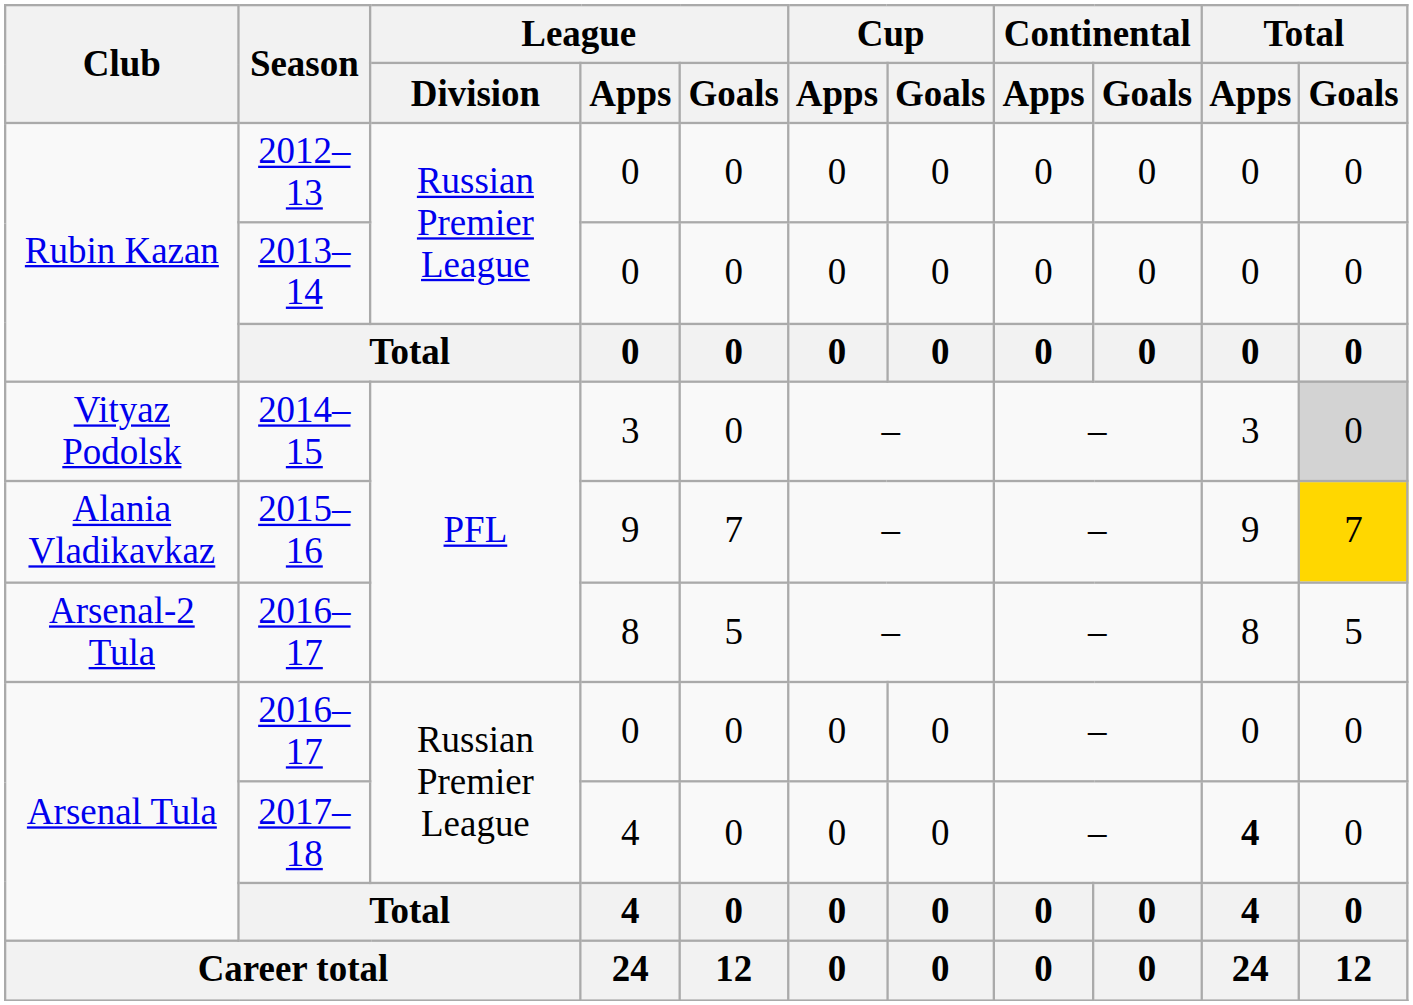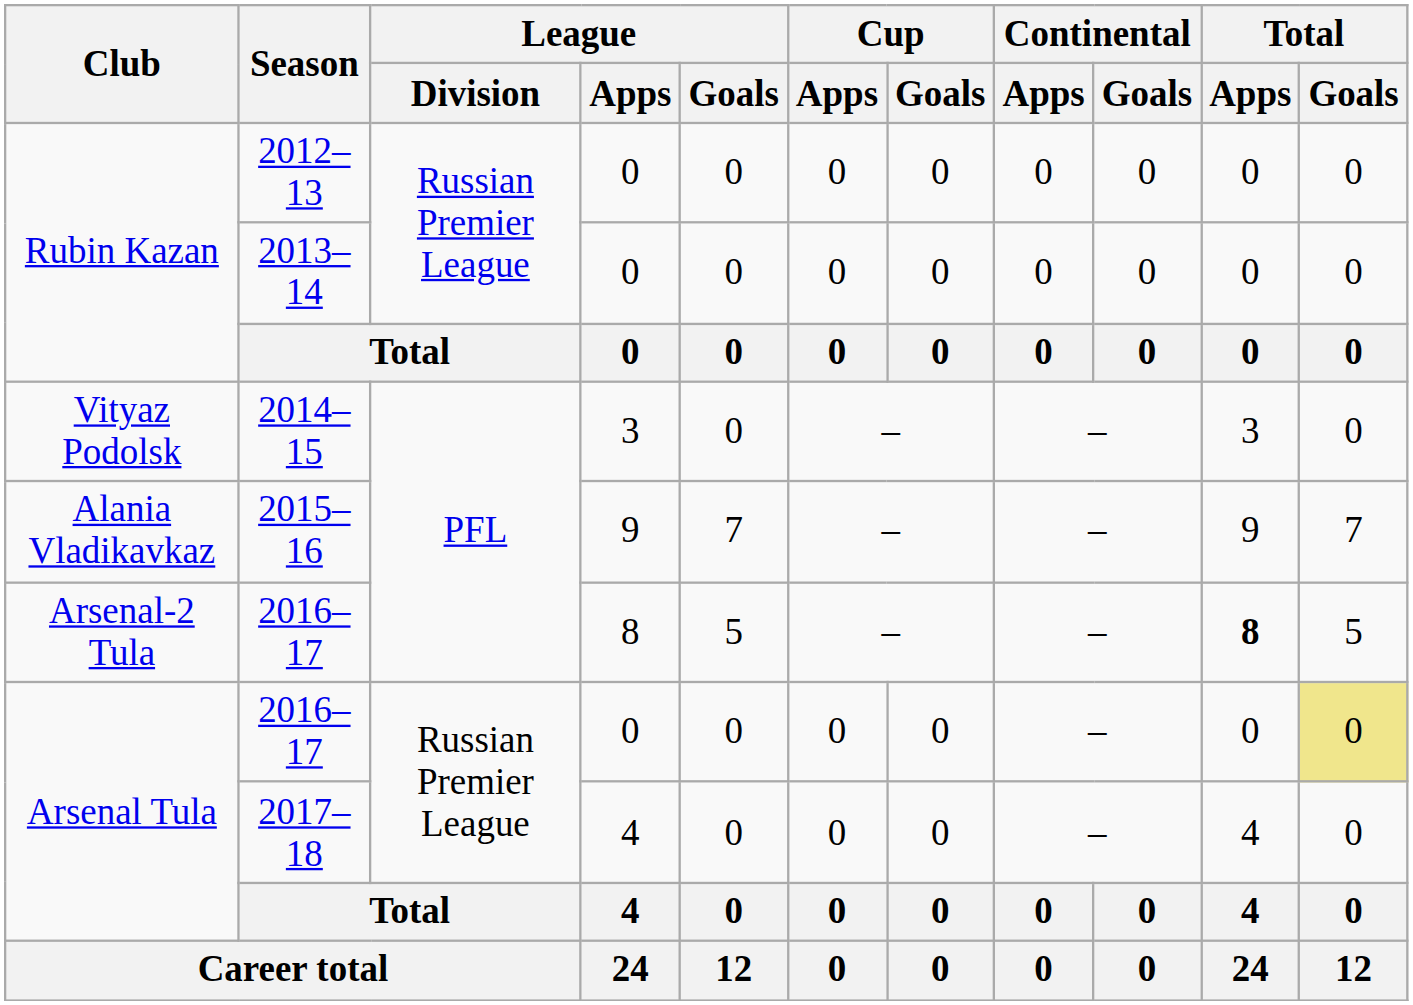 <table class="wikitable" style="text-align: center;">
 <tr>
 <th rowspan=2>Club</th>
 <th rowspan=2>Season</th>
 <th colspan=3>League</th>
 <th colspan=2>Cup</th>
 <th colspan=2>Continental</th>
 <th colspan=2>Total</th>
 </tr>
 <tr>
 <th>Division</th>
 <th>Apps</th>
 <th>Goals</th>
 <th>Apps</th>
 <th>Goals</th>
 <th>Apps</th>
 <th>Goals</th>
 <th>Apps</th>
 <th>Goals</th>
 </tr>
 <tr>
 <td rowspan=3><a href='#'>Rubin Kazan</a></td>
 <td><a href='#'>2012–13</a></td>
 <td rowspan=2><a href='#'>Russian Premier League</a></td>
 <td>0</td>
 <td>0</td>
 <td>0</td>
 <td>0</td>
 <td>0</td>
 <td>0</td>
 <td>0</td>
 <td>0</td>
 </tr>
 <tr>
 <td><a href='#'>2013–14</a></td>
 <td>0</td>
 <td>0</td>
 <td>0</td>
 <td>0</td>
 <td>0</td>
 <td>0</td>
 <td>0</td>
 <td>0</td>
 </tr>
 <tr>
 <th colspan=2>Total</th>
 <th>0</th>
 <th>0</th>
 <th>0</th>
 <th>0</th>
 <th>0</th>
 <th>0</th>
 <th>0</th>
 <th>0</th>
 </tr>
 <tr>
 <td><a href='#'>Vityaz Podolsk</a></td>
 <td><a href='#'>2014–15</a></td>
 <td rowspan=3><a href='#'>PFL</a></td>
 <td>3</td>
 <td>0</td>
 <td colspan=2>–</td>
 <td colspan=2>–</td>
 <td>3</td>
-<td style="background: lightgrey;">0</td>
+<td>0</td>
 </tr>
 <tr>
 <td><a href='#'>Alania Vladikavkaz</a></td>
 <td><a href='#'>2015–16</a></td>
 <td>9</td>
 <td>7</td>
 <td colspan=2>–</td>
 <td colspan=2>–</td>
 <td>9</td>
-<td style="background: gold;">7</td>
+<td>7</td>
 </tr>
 <tr>
 <td><a href='#'>Arsenal-2 Tula</a></td>
 <td><a href='#'>2016–17</a></td>
 <td>8</td>
 <td>5</td>
 <td colspan=2>–</td>
 <td colspan=2>–</td>
-<td>8</td>
+<td><strong>8</strong></td>
 <td>5</td>
 </tr>
 <tr>
 <td rowspan=3><a href='#'>Arsenal Tula</a></td>
 <td><a href='#'>2016–17</a></td>
 <td rowspan=2>Russian Premier League</td>
 <td>0</td>
 <td>0</td>
 <td>0</td>
 <td>0</td>
 <td colspan=2>–</td>
 <td>0</td>
-<td>0</td>
+<td style="background: khaki;">0</td>
 </tr>
 <tr>
 <td><a href='#'>2017–18</a></td>
 <td>4</td>
 <td>0</td>
 <td>0</td>
 <td>0</td>
 <td colspan=2>–</td>
-<td><strong>4</strong></td>
+<td>4</td>
 <td>0</td>
 </tr>
 <tr>
 <th colspan=2>Total</th>
 <th>4</th>
 <th>0</th>
 <th>0</th>
 <th>0</th>
 <th>0</th>
 <th>0</th>
 <th>4</th>
 <th>0</th>
 </tr>
 <tr>
 <th colspan=3>Career total</th>
 <th>24</th>
 <th>12</th>
 <th>0</th>
 <th>0</th>
 <th>0</th>
 <th>0</th>
 <th>24</th>
 <th>12</th>
 </tr>
 <tr>
 </tr>
 </table>
